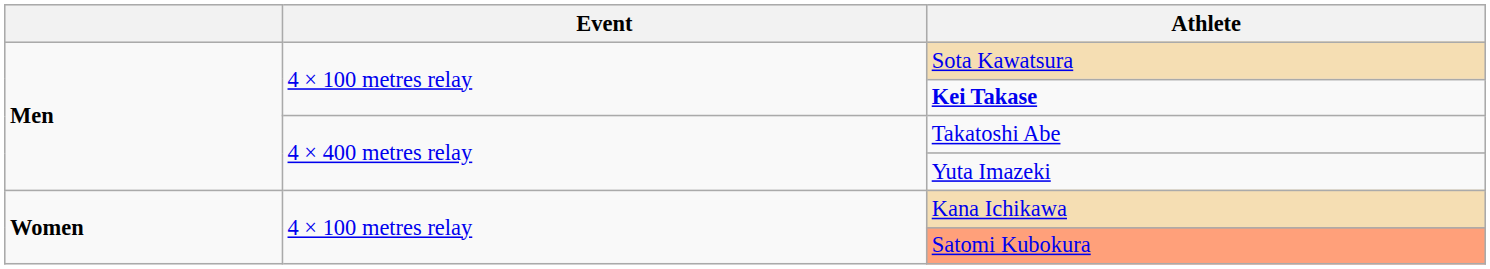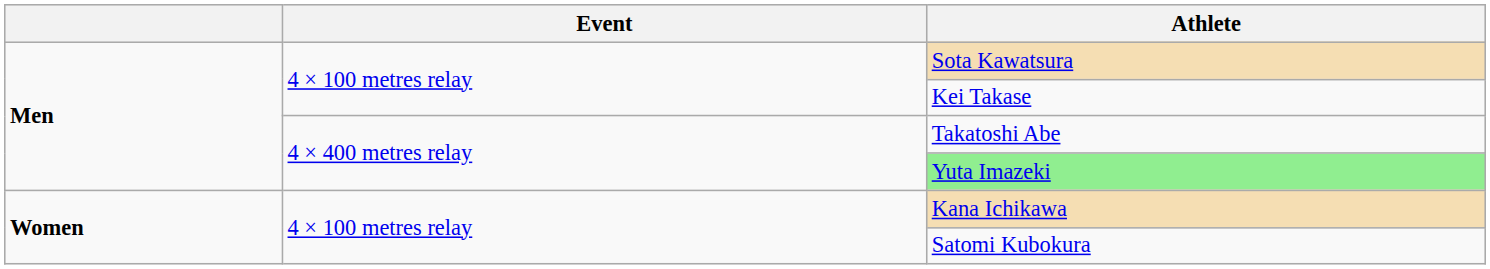 <table class=wikitable style="font-size:90%" width=60%>
 <tr>
 <th></th>
 <th>Event</th>
 <th>Athlete</th>
 </tr>
 <tr>
 <td rowspan=4><strong>Men</strong></td>
 <td rowspan=2><a href='#'>4 × 100 metres relay</a></td>
 <td bgcolor="wheat"><a href='#'>Sota Kawatsura</a></td>
 </tr>
 <tr>
-<td><strong><a href='#'>Kei Takase</a></strong></td>
+<td><a href='#'>Kei Takase</a></td>
 </tr>
 <tr>
 <td rowspan=2><a href='#'>4 × 400 metres relay</a></td>
 <td><a href='#'>Takatoshi Abe</a></td>
 </tr>
 <tr>
-<td><a href='#'>Yuta Imazeki</a></td>
+<td style="background: lightgreen;"><a href='#'>Yuta Imazeki</a></td>
 </tr>
 <tr>
 <td rowspan=2><strong>Women</strong></td>
 <td rowspan=2><a href='#'>4 × 100 metres relay</a></td>
 <td bgcolor="wheat"><a href='#'>Kana Ichikawa</a></td>
 </tr>
 <tr>
-<td style="background: lightsalmon;"><a href='#'>Satomi Kubokura</a></td>
+<td><a href='#'>Satomi Kubokura</a></td>
 </tr>
 </table>
